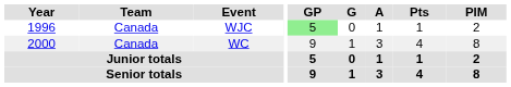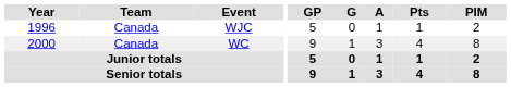 <table border="0" cellpadding="1" cellspacing="0" ID="Table3" style="text-align:center; width:40em">
 <tr bgcolor="#e0e0e0">
 <th>Year</th>
 <th>Team</th>
 <th>Event</th>
 <th rowspan="102" bgcolor="#ffffff"></th>
 <th>GP</th>
 <th>G</th>
 <th>A</th>
 <th>Pts</th>
 <th>PIM</th>
 </tr>
 <tr>
 <td><a href='#'>1996</a></td>
 <td><a href='#'>Canada</a></td>
 <td><a href='#'>WJC</a></td>
-<td style="background: lightgreen;">5</td>
+<td>5</td>
 <td>0</td>
 <td>1</td>
 <td>1</td>
 <td>2</td>
 </tr>
 <tr bgcolor="#f0f0f0">
 <td><a href='#'>2000</a></td>
 <td><a href='#'>Canada</a></td>
 <td><a href='#'>WC</a></td>
 <td>9</td>
 <td>1</td>
 <td>3</td>
 <td>4</td>
 <td>8</td>
 </tr>
 <tr bgcolor="#e0e0e0">
 <th colspan=3>Junior totals</th>
 <th>5</th>
 <th>0</th>
 <th>1</th>
 <th>1</th>
 <th>2</th>
 </tr>
 <tr bgcolor="#e0e0e0">
 <th colspan=3>Senior totals</th>
 <th>9</th>
 <th>1</th>
 <th>3</th>
 <th>4</th>
 <th>8</th>
 </tr>
 </table>
